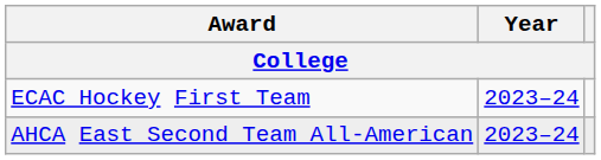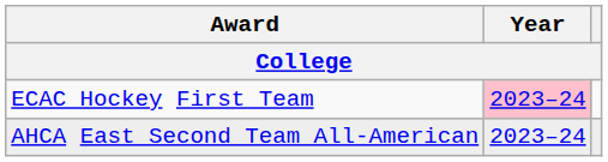 <table class="wikitable">
 <tr>
 <th>Award</th>
 <th>Year</th>
 <th></th>
 </tr>
 <tr>
 <th colspan="3"><a href='#'>College</a></th>
 </tr>
 <tr>
 <td><a href='#'>ECAC Hockey</a> <a href='#'>First Team</a></td>
-<td><a href='#'>2023–24</a></td>
+<td style="background: pink;"><a href='#'>2023–24</a></td>
 <td></td>
 </tr>
 <tr bgcolor=eeeeee>
 <td><a href='#'>AHCA</a> <a href='#'>East Second Team All-American</a></td>
 <td><a href='#'>2023–24</a></td>
 <td></td>
 </tr>
 </table>
